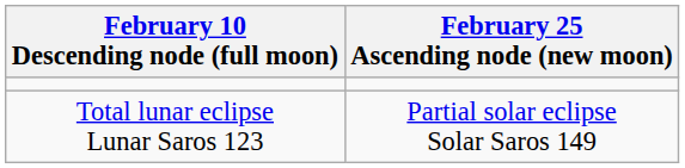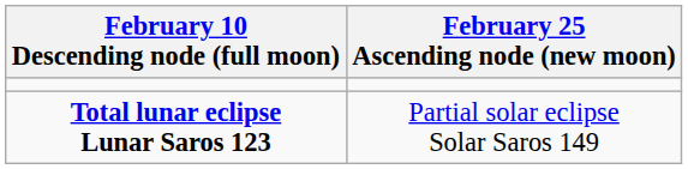 <table class="wikitable">
 <tr>
 <th><a href='#'>February 10</a><br>Descending node (full moon)<br></th>
 <th><a href='#'>February 25</a><br>Ascending node (new moon)<br></th>
 </tr>
 <tr>
 <td></td>
 <td></td>
 </tr>
 <tr align=center>
-<td><a href='#'>Total lunar eclipse</a><br>Lunar Saros 123</td>
+<td><strong><a href='#'>Total lunar eclipse</a><br>Lunar Saros 123</strong></td>
 <td><a href='#'>Partial solar eclipse</a><br>Solar Saros 149</td>
 </tr>
 </table>
